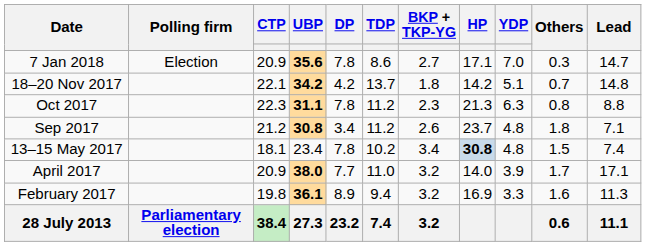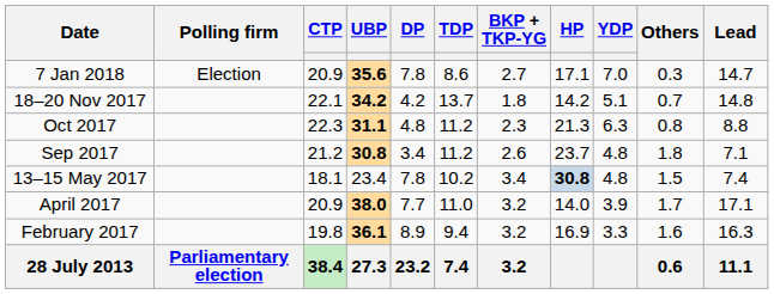 <table class="wikitable" style="text-align:center; line-height:16px; margin-bottom:0">
 <tr style="height:42px; background:#e9e9e9;">
 <th style="width:125px;" rowspan="2">Date</th>
 <th style="width:125px;" rowspan="2">Polling firm</th>
 <th style="font-size:95%"><a href='#'>CTP</a></th>
 <th style="font-size:95%"><a href='#'>UBP</a></th>
 <th style="font-size:95%"><a href='#'>DP</a></th>
 <th style="font-size:95%"><a href='#'>TDP</a></th>
 <th style="font-size:95%"><a href='#'>BKP</a> +<br><a href='#'>TKP-YG</a></th>
 <th style="font-size:95%"><a href='#'>HP</a></th>
 <th style="font-size:95%"><a href='#'>YDP</a></th>
 <th style="width:50px;" rowspan="2">Others</th>
 <th style="width:50px;" rowspan="2">Lead</th>
 </tr>
 <tr>
 <th style="background:"></th>
 <th style="background:"></th>
 <th style="background:"></th>
 <th style="background:"></th>
 <th style="background:"></th>
 <th style="background:"></th>
 <th style="background:"></th>
 </tr>
 <tr>
 <td>7 Jan 2018</td>
 <td>Election</td>
 <td>20.9</td>
 <td style="background:#FFDB9D"><strong>35.6</strong></td>
 <td>7.8</td>
 <td>8.6</td>
 <td>2.7</td>
 <td>17.1</td>
 <td>7.0</td>
 <td>0.3</td>
 <td style="background:">14.7</td>
 </tr>
 <tr>
 <td>18–20 Nov 2017</td>
 <td></td>
 <td>22.1</td>
 <td style="background:#FFDB9D"><strong>34.2</strong></td>
 <td>4.2</td>
 <td>13.7</td>
 <td>1.8</td>
 <td>14.2</td>
 <td>5.1</td>
 <td>0.7</td>
 <td style="background:">14.8</td>
 </tr>
 <tr>
 <td>Oct 2017</td>
 <td></td>
 <td>22.3</td>
 <td style="background:#FFDB9D"><strong>31.1</strong></td>
-<td>7.8</td>
+<td>4.8</td>
 <td>11.2</td>
 <td>2.3</td>
 <td>21.3</td>
 <td>6.3</td>
 <td>0.8</td>
 <td style="background:">8.8</td>
 </tr>
 <tr>
 <td>Sep 2017</td>
 <td></td>
 <td>21.2</td>
 <td style="background:#FFDB9D"><strong>30.8</strong></td>
 <td>3.4</td>
 <td>11.2</td>
 <td>2.6</td>
 <td>23.7</td>
 <td>4.8</td>
 <td>1.8</td>
 <td style="background:">7.1</td>
 </tr>
 <tr>
 <td>13–15 May 2017</td>
 <td></td>
 <td>18.1</td>
 <td>23.4</td>
 <td>7.8</td>
 <td>10.2</td>
 <td>3.4</td>
 <td style="background:#C8DAEA"><strong>30.8</strong></td>
 <td>4.8</td>
 <td>1.5</td>
 <td style="background:">7.4</td>
 </tr>
 <tr>
 <td>April 2017</td>
 <td></td>
 <td>20.9</td>
 <td style="background:#FFDB9D"><strong>38.0</strong></td>
 <td>7.7</td>
 <td>11.0</td>
 <td>3.2</td>
 <td>14.0</td>
 <td>3.9</td>
 <td>1.7</td>
 <td style="background:">17.1</td>
 </tr>
 <tr>
 <td>February 2017</td>
 <td></td>
 <td>19.8</td>
 <td style="background:#FFDB9D"><strong>36.1</strong></td>
 <td>8.9</td>
 <td>9.4</td>
 <td>3.2</td>
 <td>16.9</td>
 <td>3.3</td>
 <td>1.6</td>
-<td style="background:">11.3</td>
+<td style="background:">16.3</td>
 </tr>
 <tr>
 <th>28 July 2013</th>
 <th><a href='#'>Parliamentary election</a></th>
 <th style="background:#C5EDC5">38.4</th>
 <th>27.3</th>
 <th>23.2</th>
 <th>7.4</th>
 <th>3.2</th>
 <th></th>
 <th></th>
 <th>0.6</th>
 <th style="background:">11.1</th>
 </tr>
 </table>
